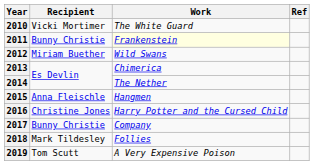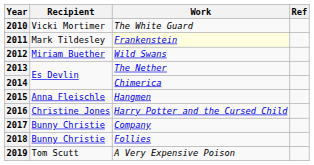 <table class="wikitable">
 <tr>
 <th>Year</th>
 <th>Recipient</th>
 <th>Work</th>
 <th>Ref</th>
 </tr>
 <tr>
 <th>2010</th>
 <td>Vicki Mortimer</td>
 <td><em>The White Guard</em></td>
 <td></td>
 </tr>
 <tr>
 <th>2011</th>
-<td><a href='#'>Bunny Christie</a></td>
+<td>Mark Tildesley</td>
 <td style="background: lightyellow;"><em><a href='#'>Frankenstein</a></em></td>
 <td></td>
 </tr>
 <tr>
 <th>2012</th>
 <td><a href='#'>Miriam Buether</a></td>
 <td><em><a href='#'>Wild Swans</a></em></td>
 <td></td>
 </tr>
 <tr>
 <th>2013</th>
 <td rowspan="2"><a href='#'>Es Devlin</a></td>
-<td><em><a href='#'>Chimerica</a></em></td>
+<td><em><a href='#'>The Nether</a></em></td>
 <td></td>
 </tr>
 <tr>
 <th>2014</th>
-<td><em><a href='#'>The Nether</a></em></td>
+<td><em><a href='#'>Chimerica</a></em></td>
 <td></td>
 </tr>
 <tr>
 <th>2015</th>
 <td><a href='#'>Anna Fleischle</a></td>
 <td><em><a href='#'>Hangmen</a></em></td>
 <td></td>
 </tr>
 <tr>
 <th>2016</th>
 <td><a href='#'>Christine Jones</a></td>
 <td><em><a href='#'>Harry Potter and the Cursed Child</a></em></td>
 <td></td>
 </tr>
 <tr>
 <th>2017</th>
 <td><a href='#'>Bunny Christie</a></td>
 <td><em><a href='#'>Company</a></em></td>
 <td></td>
 </tr>
 <tr>
 <th>2018</th>
-<td>Mark Tildesley</td>
+<td><a href='#'>Bunny Christie</a></td>
 <td><em><a href='#'>Follies</a></em></td>
 <td></td>
 </tr>
 <tr>
 <th>2019</th>
 <td>Tom Scutt</td>
 <td><em>A Very Expensive Poison</em></td>
 <td></td>
 </tr>
 </table>
